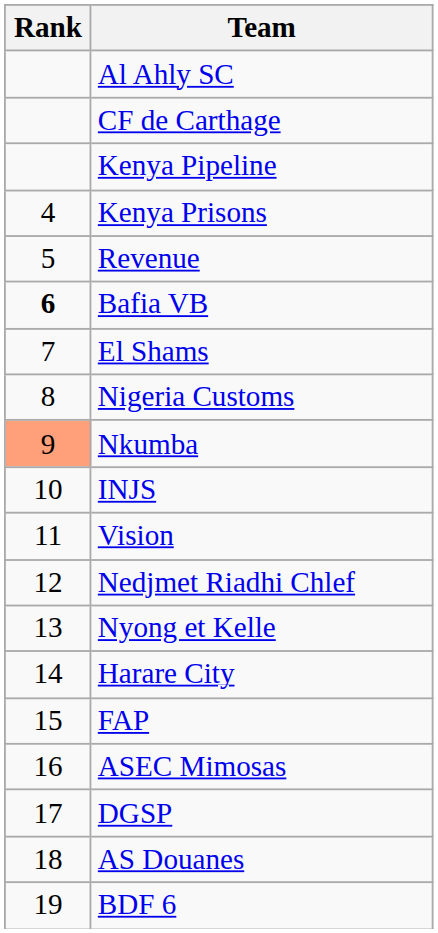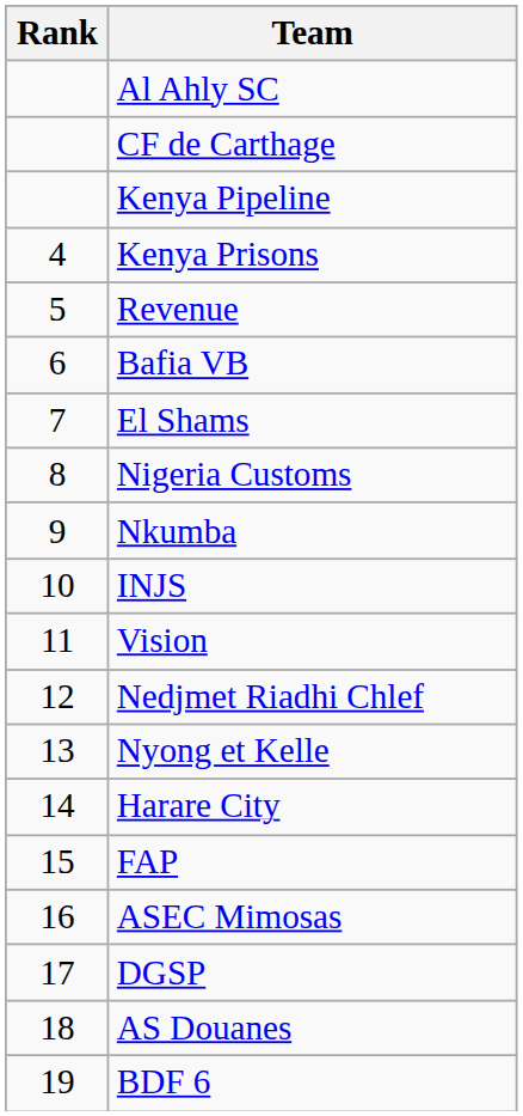 <table class="wikitable" style="text-align: center;">
 <tr>
 <th width=40>Rank</th>
 <th width=180>Team</th>
 </tr>
 <tr align=center>
 <td></td>
 <td style="text-align:left;"> <a href='#'>Al Ahly SC</a></td>
 </tr>
 <tr align=center>
 <td></td>
 <td style="text-align:left;"> <a href='#'>CF de Carthage</a></td>
 </tr>
 <tr align=center>
 <td></td>
 <td style="text-align:left;"> <a href='#'>Kenya Pipeline</a></td>
 </tr>
 <tr align=center>
 <td>4</td>
 <td style="text-align:left;"> <a href='#'>Kenya Prisons</a></td>
 </tr>
 <tr align=center>
 <td>5</td>
 <td style="text-align:left;"> <a href='#'>Revenue</a></td>
 </tr>
 <tr align=center>
-<td><strong>6</strong></td>
+<td>6</td>
 <td style="text-align:left;"> <a href='#'>Bafia VB</a></td>
 </tr>
 <tr align=center>
 <td>7</td>
 <td style="text-align:left;"> <a href='#'>El Shams</a></td>
 </tr>
 <tr align=center>
 <td>8</td>
 <td style="text-align:left;"> <a href='#'>Nigeria Customs</a></td>
 </tr>
 <tr align=center>
-<td style="background: lightsalmon;">9</td>
+<td>9</td>
 <td style="text-align:left;"> <a href='#'>Nkumba</a></td>
 </tr>
 <tr align=center>
 <td>10</td>
 <td style="text-align:left;"> <a href='#'>INJS</a></td>
 </tr>
 <tr align=center>
 <td>11</td>
 <td style="text-align:left;"> <a href='#'>Vision</a></td>
 </tr>
 <tr align=center>
 <td>12</td>
 <td style="text-align:left;"> <a href='#'>Nedjmet Riadhi Chlef</a></td>
 </tr>
 <tr align=center>
 <td>13</td>
 <td style="text-align:left;"> <a href='#'>Nyong et Kelle</a></td>
 </tr>
 <tr align=center>
 <td>14</td>
 <td style="text-align:left;"> <a href='#'>Harare City</a></td>
 </tr>
 <tr align=center>
 <td>15</td>
 <td style="text-align:left;"> <a href='#'>FAP</a></td>
 </tr>
 <tr align=center>
 <td>16</td>
 <td style="text-align:left;"> <a href='#'>ASEC Mimosas</a></td>
 </tr>
 <tr align=center>
 <td>17</td>
 <td style="text-align:left;"> <a href='#'>DGSP</a></td>
 </tr>
 <tr align=center>
 <td>18</td>
 <td style="text-align:left;"> <a href='#'>AS Douanes</a></td>
 </tr>
 <tr align=center>
 <td>19</td>
 <td style="text-align:left;"> <a href='#'>BDF 6</a></td>
 </tr>
 </table>
